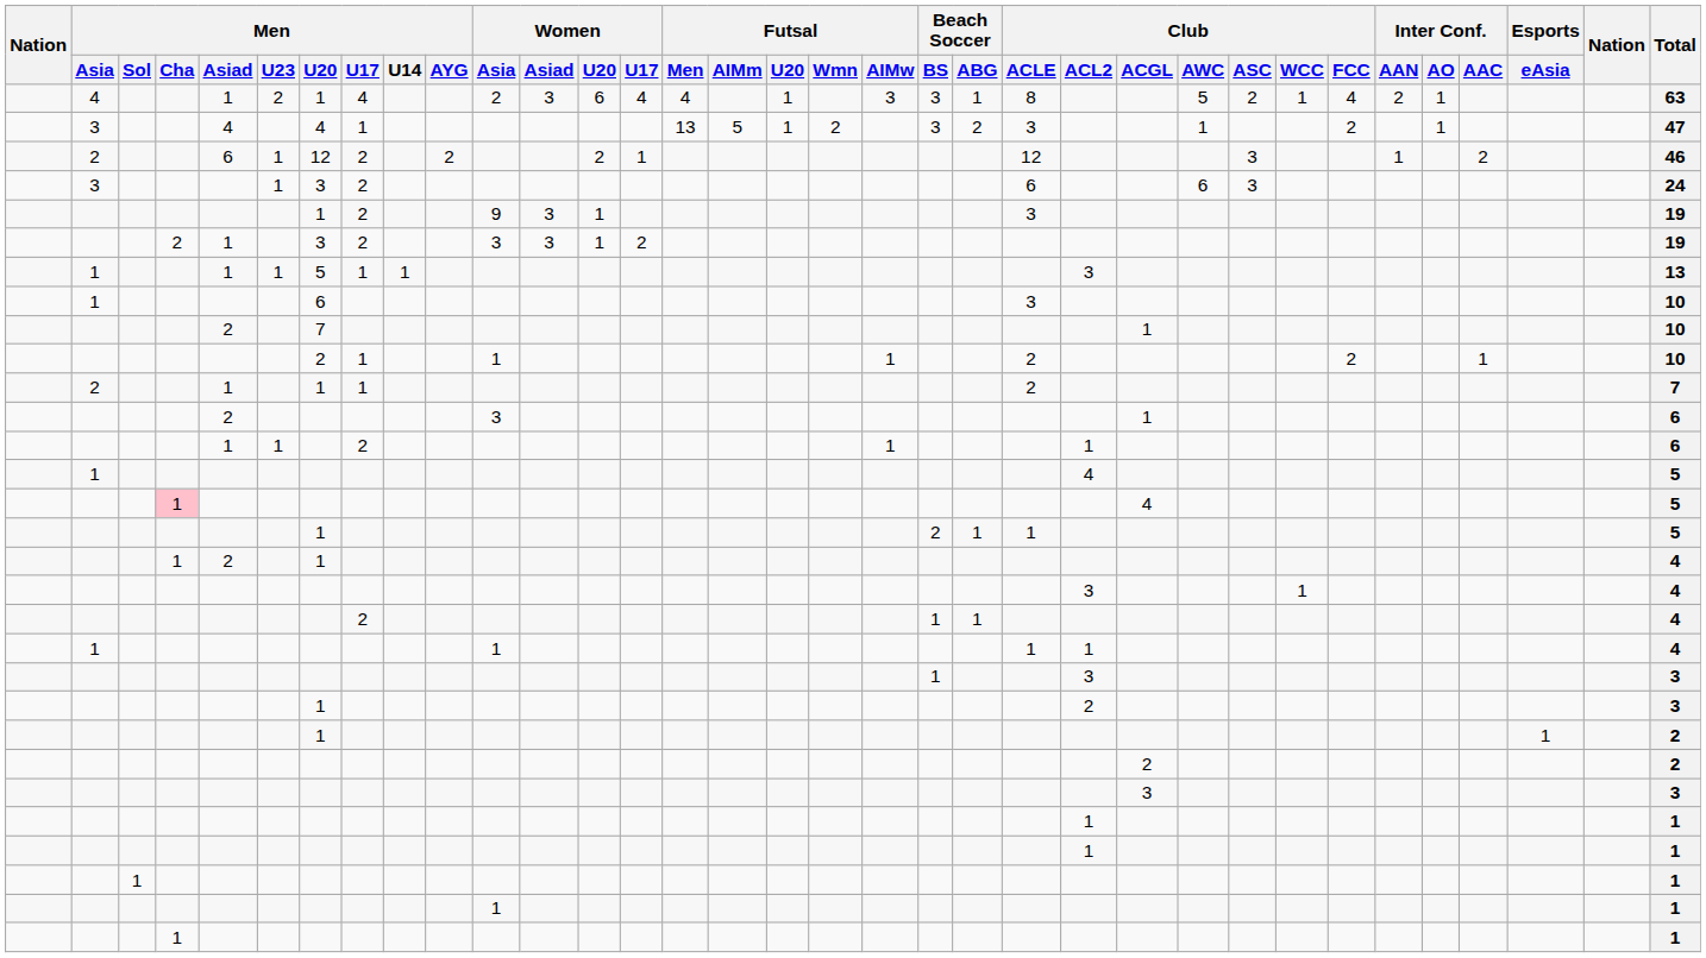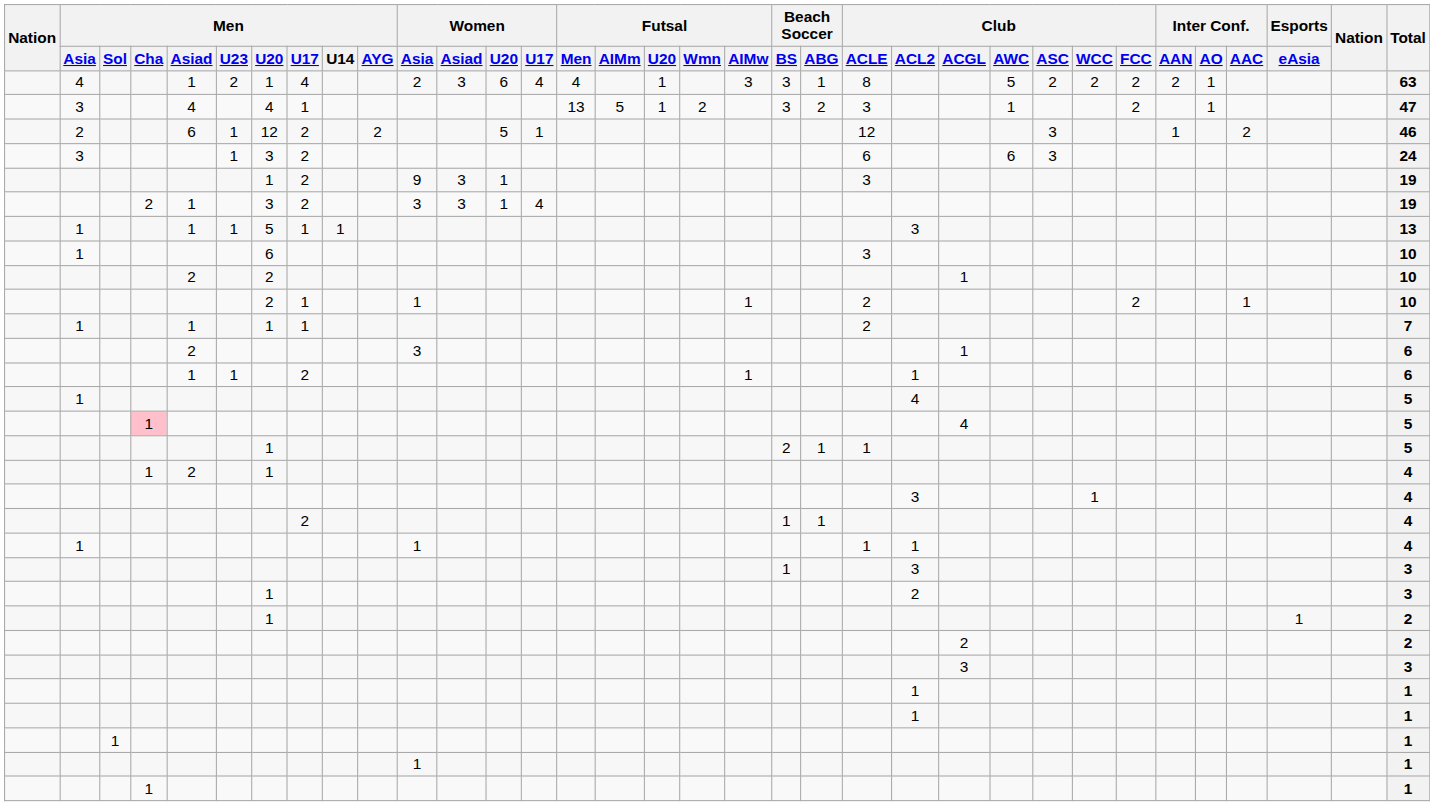 <table class="wikitable sortable" style="font-size:90%">
 <tr>
 <th rowspan=2>Nation</th>
 <th colspan=9>Men</th>
 <th colspan=4>Women</th>
 <th colspan=5>Futsal</th>
 <th colspan=2>Beach Soccer</th>
 <th colspan=7>Club</th>
 <th colspan=3>Inter Conf.</th>
 <th colspan=1>Esports</th>
 <th rowspan=2>Nation</th>
 <th rowspan=2>Total</th>
 </tr>
 <tr>
 <th><a href='#'>Asia</a></th>
 <th><a href='#'>Sol</a></th>
 <th><a href='#'>Cha</a></th>
 <th><a href='#'>Asiad</a></th>
 <th><a href='#'>U23</a></th>
 <th><a href='#'>U20</a></th>
 <th><a href='#'>U17</a></th>
 <th>U14</th>
 <th><a href='#'>AYG</a></th>
 <th><a href='#'>Asia</a></th>
 <th><a href='#'>Asiad</a></th>
 <th><a href='#'>U20</a></th>
 <th><a href='#'>U17</a></th>
 <th><a href='#'>Men</a></th>
 <th><a href='#'>AIMm</a></th>
 <th><a href='#'>U20</a></th>
 <th><a href='#'>Wmn</a></th>
 <th><a href='#'>AIMw</a></th>
 <th><a href='#'>BS</a></th>
 <th><a href='#'>ABG</a></th>
 <th><a href='#'>ACLE</a></th>
 <th><a href='#'>ACL2</a></th>
 <th><a href='#'>ACGL</a></th>
 <th><a href='#'>AWC</a></th>
 <th><a href='#'>ASC</a></th>
 <th><a href='#'>WCC</a></th>
 <th><a href='#'>FCC</a></th>
 <th><a href='#'>AAN</a></th>
 <th><a href='#'>AO</a></th>
 <th><a href='#'>AAC</a></th>
 <th><a href='#'>eAsia</a></th>
 </tr>
 <tr align=center bgcolor=#F7F7F7>
 <td align=left><br></td>
 <td>4</td>
 <td></td>
 <td></td>
 <td>1</td>
 <td>2</td>
 <td>1</td>
 <td>4</td>
 <td></td>
 <td><br></td>
 <td>2</td>
 <td>3</td>
 <td>6</td>
 <td>4<br></td>
 <td>4</td>
 <td></td>
 <td>1</td>
 <td></td>
 <td>3<br></td>
 <td>3</td>
 <td>1<br></td>
 <td>8</td>
 <td></td>
 <td></td>
 <td>5</td>
 <td>2</td>
-<td>1</td>
-<td>4<br></td>
+<td>2</td>
+<td>2<br></td>
 <td>2</td>
 <td>1</td>
 <td><br></td>
 <td></td>
 <td align=left></td>
 <th>63</th>
 </tr>
 <tr align=center>
 <td align=left><br></td>
 <td>3</td>
 <td></td>
 <td></td>
 <td>4</td>
 <td></td>
 <td>4</td>
 <td>1</td>
 <td></td>
 <td><br></td>
 <td></td>
 <td></td>
 <td></td>
 <td><br></td>
 <td>13</td>
 <td>5</td>
 <td>1</td>
 <td>2</td>
 <td><br></td>
 <td>3</td>
 <td>2<br></td>
 <td>3</td>
 <td></td>
 <td></td>
 <td>1</td>
 <td></td>
 <td></td>
 <td>2<br></td>
 <td></td>
 <td>1</td>
 <td><br></td>
 <td></td>
 <td align=left></td>
 <th>47</th>
 </tr>
 <tr align=center bgcolor=#F7F7F7>
 <td align=left><br></td>
 <td>2</td>
 <td></td>
 <td></td>
 <td>6</td>
 <td>1</td>
 <td>12</td>
 <td>2</td>
 <td></td>
 <td>2<br></td>
 <td></td>
 <td></td>
-<td>2</td>
+<td>5</td>
 <td>1<br></td>
 <td></td>
 <td></td>
 <td></td>
 <td></td>
 <td><br></td>
 <td></td>
 <td><br></td>
 <td>12</td>
 <td></td>
 <td></td>
 <td></td>
 <td>3</td>
 <td></td>
 <td><br></td>
 <td>1</td>
 <td></td>
 <td>2<br></td>
 <td></td>
 <td align=left></td>
 <th>46</th>
 </tr>
 <tr align=center>
 <td align=left><br></td>
 <td>3</td>
 <td></td>
 <td></td>
 <td></td>
 <td>1</td>
 <td>3</td>
 <td>2</td>
 <td></td>
 <td><br></td>
 <td></td>
 <td></td>
 <td></td>
 <td><br></td>
 <td></td>
 <td></td>
 <td></td>
 <td></td>
 <td><br></td>
 <td></td>
 <td><br></td>
 <td>6</td>
 <td></td>
 <td></td>
 <td>6</td>
 <td>3</td>
 <td></td>
 <td><br></td>
 <td></td>
 <td></td>
 <td><br></td>
 <td></td>
 <td align=left></td>
 <th>24</th>
 </tr>
 <tr align=center bgcolor=#F7F7F7>
 <td align=left><br></td>
 <td></td>
 <td></td>
 <td></td>
 <td></td>
 <td></td>
 <td>1</td>
 <td>2</td>
 <td></td>
 <td><br></td>
 <td>9</td>
 <td>3</td>
 <td>1</td>
 <td><br></td>
 <td></td>
 <td></td>
 <td></td>
 <td></td>
 <td><br></td>
 <td></td>
 <td><br></td>
 <td>3</td>
 <td></td>
 <td></td>
 <td></td>
 <td></td>
 <td></td>
 <td><br></td>
 <td></td>
 <td></td>
 <td><br></td>
 <td></td>
 <td align=left></td>
 <th>19</th>
 </tr>
 <tr align=center>
 <td align=left><br></td>
 <td></td>
 <td></td>
 <td>2</td>
 <td>1</td>
 <td></td>
 <td>3</td>
 <td>2</td>
 <td></td>
 <td><br></td>
 <td>3</td>
 <td>3</td>
 <td>1</td>
-<td>2<br></td>
+<td>4<br></td>
 <td></td>
 <td></td>
 <td></td>
 <td></td>
 <td><br></td>
 <td></td>
 <td><br></td>
 <td></td>
 <td></td>
 <td></td>
 <td></td>
 <td></td>
 <td></td>
 <td><br></td>
 <td></td>
 <td></td>
 <td><br></td>
 <td></td>
 <td align=left></td>
 <th>19</th>
 </tr>
 <tr align=center bgcolor=#F7F7F7>
 <td align=left><br></td>
 <td>1</td>
 <td></td>
 <td></td>
 <td>1</td>
 <td>1</td>
 <td>5</td>
 <td>1</td>
 <td>1</td>
 <td><br></td>
 <td></td>
 <td></td>
 <td></td>
 <td><br></td>
 <td></td>
 <td></td>
 <td></td>
 <td></td>
 <td><br></td>
 <td></td>
 <td><br></td>
 <td></td>
 <td>3</td>
 <td></td>
 <td></td>
 <td></td>
 <td></td>
 <td><br></td>
 <td></td>
 <td></td>
 <td><br></td>
 <td></td>
 <td align=left></td>
 <th>13</th>
 </tr>
 <tr align=center>
 <td align=left><br></td>
 <td>1</td>
 <td></td>
 <td></td>
 <td></td>
 <td></td>
 <td>6</td>
 <td></td>
 <td></td>
 <td><br></td>
 <td></td>
 <td></td>
 <td></td>
 <td><br></td>
 <td></td>
 <td></td>
 <td></td>
 <td></td>
 <td><br></td>
 <td></td>
 <td><br></td>
 <td>3</td>
 <td></td>
 <td></td>
 <td></td>
 <td></td>
 <td></td>
 <td><br></td>
 <td></td>
 <td></td>
 <td><br></td>
 <td></td>
 <td align=left></td>
 <th>10</th>
 </tr>
 <tr align=center bgcolor=#F7F7F7>
 <td align=left><br></td>
 <td></td>
 <td></td>
 <td></td>
 <td>2</td>
 <td></td>
-<td>7</td>
+<td>2</td>
 <td></td>
 <td></td>
 <td><br></td>
 <td></td>
 <td></td>
 <td></td>
 <td><br></td>
 <td></td>
 <td></td>
 <td></td>
 <td></td>
 <td><br></td>
 <td></td>
 <td><br></td>
 <td></td>
 <td></td>
 <td>1</td>
 <td></td>
 <td></td>
 <td></td>
 <td><br></td>
 <td></td>
 <td></td>
 <td><br></td>
 <td></td>
 <td align=left></td>
 <th>10</th>
 </tr>
 <tr align=center>
 <td align=left><br></td>
 <td></td>
 <td></td>
 <td></td>
 <td></td>
 <td></td>
 <td>2</td>
 <td>1</td>
 <td></td>
 <td><br></td>
 <td>1</td>
 <td></td>
 <td></td>
 <td><br></td>
 <td></td>
 <td></td>
 <td></td>
 <td></td>
 <td>1<br></td>
 <td></td>
 <td><br></td>
 <td>2</td>
 <td></td>
 <td></td>
 <td></td>
 <td></td>
 <td></td>
 <td>2<br></td>
 <td></td>
 <td></td>
 <td>1<br></td>
 <td></td>
 <td align=left></td>
 <th>10</th>
 </tr>
 <tr align=center bgcolor=#F7F7F7>
 <td align=left><br></td>
-<td>2</td>
+<td>1</td>
 <td></td>
 <td></td>
 <td>1</td>
 <td></td>
 <td>1</td>
 <td>1</td>
 <td></td>
 <td><br></td>
 <td></td>
 <td></td>
 <td></td>
 <td><br></td>
 <td></td>
 <td></td>
 <td></td>
 <td></td>
 <td><br></td>
 <td></td>
 <td><br></td>
 <td>2</td>
 <td></td>
 <td></td>
 <td></td>
 <td></td>
 <td></td>
 <td><br></td>
 <td></td>
 <td></td>
 <td><br></td>
 <td></td>
 <td align=left></td>
 <th>7</th>
 </tr>
 <tr align=center>
 <td align=left><br></td>
 <td></td>
 <td></td>
 <td></td>
 <td>2</td>
 <td></td>
 <td></td>
 <td></td>
 <td></td>
 <td><br></td>
 <td>3</td>
 <td></td>
 <td></td>
 <td><br></td>
 <td></td>
 <td></td>
 <td></td>
 <td></td>
 <td><br></td>
 <td></td>
 <td><br></td>
 <td></td>
 <td></td>
 <td>1</td>
 <td></td>
 <td></td>
 <td></td>
 <td><br></td>
 <td></td>
 <td></td>
 <td><br></td>
 <td></td>
 <td align=left></td>
 <th>6</th>
 </tr>
 <tr align=center>
 <td align=left><br></td>
 <td></td>
 <td></td>
 <td></td>
 <td>1</td>
 <td>1</td>
 <td></td>
 <td>2</td>
 <td></td>
 <td><br></td>
 <td></td>
 <td></td>
 <td></td>
 <td><br></td>
 <td></td>
 <td></td>
 <td></td>
 <td></td>
 <td>1<br></td>
 <td></td>
 <td><br></td>
 <td></td>
 <td>1</td>
 <td></td>
 <td></td>
 <td></td>
 <td></td>
 <td><br></td>
 <td></td>
 <td></td>
 <td><br></td>
 <td></td>
 <td align=left></td>
 <th>6</th>
 </tr>
 <tr align=center bgcolor=#F7F7F7>
 <td align=left><br></td>
 <td>1</td>
 <td></td>
 <td></td>
 <td></td>
 <td></td>
 <td></td>
 <td></td>
 <td></td>
 <td><br></td>
 <td></td>
 <td></td>
 <td></td>
 <td><br></td>
 <td></td>
 <td></td>
 <td></td>
 <td></td>
 <td><br></td>
 <td></td>
 <td><br></td>
 <td></td>
 <td>4</td>
 <td></td>
 <td></td>
 <td></td>
 <td></td>
 <td><br></td>
 <td></td>
 <td></td>
 <td><br></td>
 <td></td>
 <td align=left></td>
 <th>5</th>
 </tr>
 <tr align=center>
 <td align=left><br></td>
 <td></td>
 <td></td>
 <td style="background: pink;">1</td>
 <td></td>
 <td></td>
 <td></td>
 <td></td>
 <td></td>
 <td><br></td>
 <td></td>
 <td></td>
 <td></td>
 <td><br></td>
 <td></td>
 <td></td>
 <td></td>
 <td></td>
 <td><br></td>
 <td></td>
 <td><br></td>
 <td></td>
 <td></td>
 <td>4</td>
 <td></td>
 <td></td>
 <td></td>
 <td><br></td>
 <td></td>
 <td></td>
 <td><br></td>
 <td></td>
 <td align=left></td>
 <th>5</th>
 </tr>
 <tr align=center bgcolor=#F7F7F7>
 <td align=left><br></td>
 <td></td>
 <td></td>
 <td></td>
 <td></td>
 <td></td>
 <td>1</td>
 <td></td>
 <td></td>
 <td><br></td>
 <td></td>
 <td></td>
 <td></td>
 <td><br></td>
 <td></td>
 <td></td>
 <td></td>
 <td></td>
 <td><br></td>
 <td>2</td>
 <td>1<br></td>
 <td>1</td>
 <td></td>
 <td></td>
 <td></td>
 <td></td>
 <td></td>
 <td><br></td>
 <td></td>
 <td></td>
 <td><br></td>
 <td></td>
 <td align=left></td>
 <th>5</th>
 </tr>
 <tr align=center bgcolor=#F7F7F7>
 <td align=left><br></td>
 <td></td>
 <td></td>
 <td>1</td>
 <td>2</td>
 <td></td>
 <td>1</td>
 <td></td>
 <td></td>
 <td><br></td>
 <td></td>
 <td></td>
 <td></td>
 <td><br></td>
 <td></td>
 <td></td>
 <td></td>
 <td></td>
 <td><br></td>
 <td></td>
 <td><br></td>
 <td></td>
 <td></td>
 <td></td>
 <td></td>
 <td></td>
 <td></td>
 <td><br></td>
 <td></td>
 <td></td>
 <td><br></td>
 <td></td>
 <td align=left></td>
 <th>4</th>
 </tr>
 <tr align=center>
 <td align=left><br></td>
 <td></td>
 <td></td>
 <td></td>
 <td></td>
 <td></td>
 <td></td>
 <td></td>
 <td></td>
 <td><br></td>
 <td></td>
 <td></td>
 <td></td>
 <td><br></td>
 <td></td>
 <td></td>
 <td></td>
 <td></td>
 <td><br></td>
 <td></td>
 <td><br></td>
 <td></td>
 <td>3</td>
 <td></td>
 <td></td>
 <td></td>
 <td>1</td>
 <td><br></td>
 <td></td>
 <td></td>
 <td><br></td>
 <td></td>
 <td align=left></td>
 <th>4</th>
 </tr>
 <tr align=center bgcolor=#F7F7F7>
 <td align=left><br></td>
 <td></td>
 <td></td>
 <td></td>
 <td></td>
 <td></td>
 <td></td>
 <td>2</td>
 <td></td>
 <td><br></td>
 <td></td>
 <td></td>
 <td></td>
 <td><br></td>
 <td></td>
 <td></td>
 <td></td>
 <td></td>
 <td><br></td>
 <td>1</td>
 <td>1<br></td>
 <td></td>
 <td></td>
 <td></td>
 <td></td>
 <td></td>
 <td></td>
 <td><br></td>
 <td></td>
 <td></td>
 <td><br></td>
 <td></td>
 <td align=left></td>
 <th>4</th>
 </tr>
 <tr align=center>
 <td align=left><br></td>
 <td>1</td>
 <td></td>
 <td></td>
 <td></td>
 <td></td>
 <td></td>
 <td></td>
 <td></td>
 <td><br></td>
 <td>1</td>
 <td></td>
 <td></td>
 <td><br></td>
 <td></td>
 <td></td>
 <td></td>
 <td></td>
 <td><br></td>
 <td></td>
 <td><br></td>
 <td>1</td>
 <td>1</td>
 <td></td>
 <td></td>
 <td></td>
 <td></td>
 <td><br></td>
 <td></td>
 <td></td>
 <td><br></td>
 <td></td>
 <td align=left></td>
 <th>4</th>
 </tr>
 <tr align=center bgcolor=#F7F7F7>
 <td align=left><br></td>
 <td></td>
 <td></td>
 <td></td>
 <td></td>
 <td></td>
 <td></td>
 <td></td>
 <td></td>
 <td><br></td>
 <td></td>
 <td></td>
 <td></td>
 <td><br></td>
 <td></td>
 <td></td>
 <td></td>
 <td></td>
 <td><br></td>
 <td>1</td>
 <td><br></td>
 <td></td>
 <td>3</td>
 <td></td>
 <td></td>
 <td></td>
 <td></td>
 <td><br></td>
 <td></td>
 <td></td>
 <td><br></td>
 <td></td>
 <td align=left></td>
 <th>3</th>
 </tr>
 <tr align=center>
 <td align=left><br></td>
 <td></td>
 <td></td>
 <td></td>
 <td></td>
 <td></td>
 <td>1</td>
 <td></td>
 <td></td>
 <td><br></td>
 <td></td>
 <td></td>
 <td></td>
 <td><br></td>
 <td></td>
 <td></td>
 <td></td>
 <td></td>
 <td><br></td>
 <td></td>
 <td><br></td>
 <td></td>
 <td>2</td>
 <td></td>
 <td></td>
 <td></td>
 <td></td>
 <td><br></td>
 <td></td>
 <td></td>
 <td><br></td>
 <td></td>
 <td align=left></td>
 <th>3</th>
 </tr>
 <tr align=center bgcolor=#F7F7F7>
 <td align=left><br></td>
 <td></td>
 <td></td>
 <td></td>
 <td></td>
 <td></td>
 <td>1</td>
 <td></td>
 <td></td>
 <td><br></td>
 <td></td>
 <td></td>
 <td></td>
 <td><br></td>
 <td></td>
 <td></td>
 <td></td>
 <td></td>
 <td><br></td>
 <td></td>
 <td><br></td>
 <td></td>
 <td></td>
 <td></td>
 <td></td>
 <td></td>
 <td></td>
 <td><br></td>
 <td></td>
 <td></td>
 <td><br></td>
 <td>1</td>
 <td align=left></td>
 <th>2</th>
 </tr>
 <tr align=center>
 <td align=left><br></td>
 <td></td>
 <td></td>
 <td></td>
 <td></td>
 <td></td>
 <td></td>
 <td></td>
 <td></td>
 <td><br></td>
 <td></td>
 <td></td>
 <td></td>
 <td><br></td>
 <td></td>
 <td></td>
 <td></td>
 <td></td>
 <td><br></td>
 <td></td>
 <td><br></td>
 <td></td>
 <td></td>
 <td>2</td>
 <td></td>
 <td></td>
 <td></td>
 <td><br></td>
 <td></td>
 <td></td>
 <td><br></td>
 <td></td>
 <td align=left></td>
 <th>2</th>
 </tr>
 <tr align=center bgcolor=#F7F7F7>
 <td align=left><br></td>
 <td></td>
 <td></td>
 <td></td>
 <td></td>
 <td></td>
 <td></td>
 <td></td>
 <td></td>
 <td><br></td>
 <td></td>
 <td></td>
 <td></td>
 <td><br></td>
 <td></td>
 <td></td>
 <td></td>
 <td></td>
 <td><br></td>
 <td></td>
 <td><br></td>
 <td></td>
 <td></td>
 <td>3</td>
 <td></td>
 <td></td>
 <td></td>
 <td><br></td>
 <td></td>
 <td></td>
 <td><br></td>
 <td></td>
 <td align=left></td>
 <th>3</th>
 </tr>
 <tr align=center>
 <td align=left><br></td>
 <td></td>
 <td></td>
 <td></td>
 <td></td>
 <td></td>
 <td></td>
 <td></td>
 <td></td>
 <td><br></td>
 <td></td>
 <td></td>
 <td></td>
 <td><br></td>
 <td></td>
 <td></td>
 <td></td>
 <td></td>
 <td><br></td>
 <td></td>
 <td><br></td>
 <td></td>
 <td>1</td>
 <td></td>
 <td></td>
 <td></td>
 <td></td>
 <td><br></td>
 <td></td>
 <td></td>
 <td><br></td>
 <td></td>
 <td align=left></td>
 <th>1</th>
 </tr>
 <tr align=center bgcolor=#F7F7F7>
 <td align=left><br></td>
 <td></td>
 <td></td>
 <td></td>
 <td></td>
 <td></td>
 <td></td>
 <td></td>
 <td></td>
 <td><br></td>
 <td></td>
 <td></td>
 <td></td>
 <td><br></td>
 <td></td>
 <td></td>
 <td></td>
 <td></td>
 <td><br></td>
 <td></td>
 <td><br></td>
 <td></td>
 <td>1</td>
 <td></td>
 <td></td>
 <td></td>
 <td></td>
 <td><br></td>
 <td></td>
 <td></td>
 <td><br></td>
 <td></td>
 <td align=left></td>
 <th>1</th>
 </tr>
 <tr align=center>
 <td align=left><br></td>
 <td></td>
 <td>1</td>
 <td></td>
 <td></td>
 <td></td>
 <td></td>
 <td></td>
 <td></td>
 <td><br></td>
 <td></td>
 <td></td>
 <td></td>
 <td><br></td>
 <td></td>
 <td></td>
 <td></td>
 <td></td>
 <td><br></td>
 <td></td>
 <td><br></td>
 <td></td>
 <td></td>
 <td></td>
 <td></td>
 <td></td>
 <td></td>
 <td><br></td>
 <td></td>
 <td></td>
 <td><br></td>
 <td></td>
 <td align=left></td>
 <th>1</th>
 </tr>
 <tr align=center bgcolor=#F7F7F7>
 <td align=left><br></td>
 <td></td>
 <td></td>
 <td></td>
 <td></td>
 <td></td>
 <td></td>
 <td></td>
 <td></td>
 <td><br></td>
 <td>1</td>
 <td></td>
 <td></td>
 <td><br></td>
 <td></td>
 <td></td>
 <td></td>
 <td></td>
 <td><br></td>
 <td></td>
 <td><br></td>
 <td></td>
 <td></td>
 <td></td>
 <td></td>
 <td></td>
 <td></td>
 <td><br></td>
 <td></td>
 <td></td>
 <td><br></td>
 <td></td>
 <td align=left></td>
 <th>1</th>
 </tr>
 <tr align=center>
 <td align=left><br></td>
 <td></td>
 <td></td>
 <td>1</td>
 <td></td>
 <td></td>
 <td></td>
 <td></td>
 <td></td>
 <td><br></td>
 <td></td>
 <td></td>
 <td></td>
 <td><br></td>
 <td></td>
 <td></td>
 <td></td>
 <td></td>
 <td><br></td>
 <td></td>
 <td><br></td>
 <td></td>
 <td></td>
 <td></td>
 <td></td>
 <td></td>
 <td></td>
 <td><br></td>
 <td></td>
 <td></td>
 <td><br></td>
 <td></td>
 <td align=left></td>
 <th>1</th>
 </tr>
 </table>
